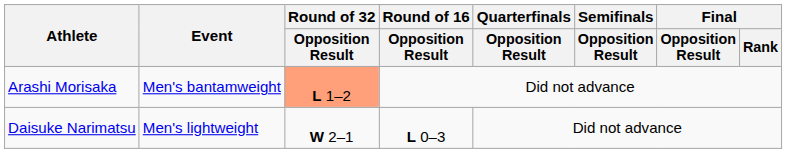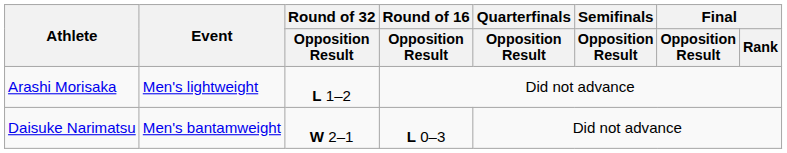 <table class="wikitable" style="font-size:90%">
 <tr>
 <th rowspan=2>Athlete</th>
 <th rowspan=2>Event</th>
 <th>Round of 32</th>
 <th>Round of 16</th>
 <th>Quarterfinals</th>
 <th>Semifinals</th>
 <th colspan=2>Final</th>
 </tr>
 <tr style="font-size:95%">
 <th>Opposition<br>Result</th>
 <th>Opposition<br>Result</th>
 <th>Opposition<br>Result</th>
 <th>Opposition<br>Result</th>
 <th>Opposition<br>Result</th>
 <th>Rank</th>
 </tr>
 <tr align=center>
 <td align=left><a href='#'>Arashi Morisaka</a></td>
-<td align=left><a href='#'>Men's bantamweight</a></td>
-<td style="background: lightsalmon;"><br><strong>L</strong> 1–2</td>
+<td align=left><a href='#'>Men's lightweight</a></td>
+<td><br><strong>L</strong> 1–2</td>
 <td colspan=5>Did not advance</td>
 </tr>
 <tr align=center>
 <td align=left><a href='#'>Daisuke Narimatsu</a></td>
-<td align=left><a href='#'>Men's lightweight</a></td>
+<td align=left><a href='#'>Men's bantamweight</a></td>
 <td><br><strong>W</strong> 2–1</td>
 <td><br><strong>L</strong> 0–3</td>
 <td colspan=4>Did not advance</td>
 </tr>
 </table>
